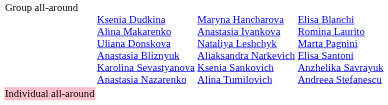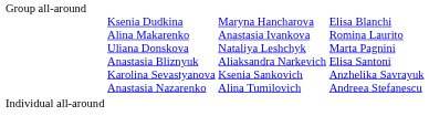 <table>
 <tr valign="top">
 <td>Group all-around<br></td>
 <td><br><a href='#'>Ksenia Dudkina</a><br><a href='#'>Alina Makarenko</a><br><a href='#'>Uliana Donskova</a><br><a href='#'>Anastasia Bliznyuk</a><br><a href='#'>Karolina Sevastyanova</a><br><a href='#'>Anastasia Nazarenko</a></td>
 <td><br><a href='#'>Maryna Hancharova</a><br><a href='#'>Anastasia Ivankova</a><br><a href='#'>Nataliya Leshchyk</a><br> <a href='#'>Aliaksandra Narkevich</a><br><a href='#'>Ksenia Sankovich</a><br><a href='#'>Alina Tumilovich</a></td>
 <td><br><a href='#'>Elisa Blanchi</a><br><a href='#'>Romina Laurito</a><br><a href='#'>Marta Pagnini</a><br><a href='#'>Elisa Santoni</a><br><a href='#'>Anzhelika Savrayuk</a><br><a href='#'>Andreea Stefanescu</a></td>
 </tr>
 <tr valign="top">
-<td style="background: pink;">Individual all-around<br></td>
+<td>Individual all-around<br></td>
 <td nowrap></td>
 <td></td>
 <td></td>
 </tr>
 <tr>
 </tr>
 </table>
